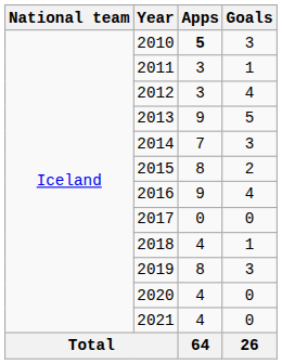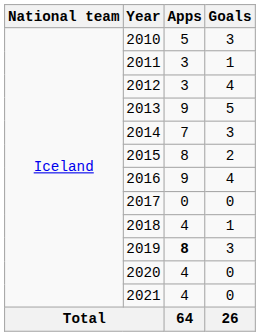 <table class="wikitable" style="text-align:center">
 <tr>
 <th>National team</th>
 <th>Year</th>
 <th>Apps</th>
 <th>Goals</th>
 </tr>
 <tr>
 <td rowspan="12"><a href='#'>Iceland</a></td>
 <td>2010</td>
-<td><strong>5</strong></td>
+<td>5</td>
 <td>3</td>
 </tr>
 <tr>
 <td>2011</td>
 <td>3</td>
 <td>1</td>
 </tr>
 <tr>
 <td>2012</td>
 <td>3</td>
 <td>4</td>
 </tr>
 <tr>
 <td>2013</td>
 <td>9</td>
 <td>5</td>
 </tr>
 <tr>
 <td>2014</td>
 <td>7</td>
 <td>3</td>
 </tr>
 <tr>
 <td>2015</td>
 <td>8</td>
 <td>2</td>
 </tr>
 <tr>
 <td>2016</td>
 <td>9</td>
 <td>4</td>
 </tr>
 <tr>
 <td>2017</td>
 <td>0</td>
 <td>0</td>
 </tr>
 <tr>
 <td>2018</td>
 <td>4</td>
 <td>1</td>
 </tr>
 <tr>
 <td>2019</td>
-<td>8</td>
+<td><strong>8</strong></td>
 <td>3</td>
 </tr>
 <tr>
 <td>2020</td>
 <td>4</td>
 <td>0</td>
 </tr>
 <tr>
 <td>2021</td>
 <td>4</td>
 <td>0</td>
 </tr>
 <tr>
 <th colspan="2">Total</th>
 <th>64</th>
 <th>26</th>
 </tr>
 </table>
